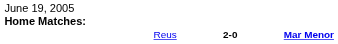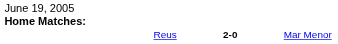 <table width=100% cellspacing=1>
 <tr>
 <th width=20%></th>
 <th width=12%></th>
 <th width=20%></th>
 <th></th>
 </tr>
 <tr>
 <td>June 19, 2005<br><strong>Home Matches:</strong></td>
 </tr>
 <tr style=font-size:90%>
 <td align=right><a href='#'>Reus</a></td>
 <td align=center><strong>2-0</strong></td>
-<td><strong><a href='#'>Mar Menor</a></strong></td>
+<td><a href='#'>Mar Menor</a></td>
 </tr>
 </table>
